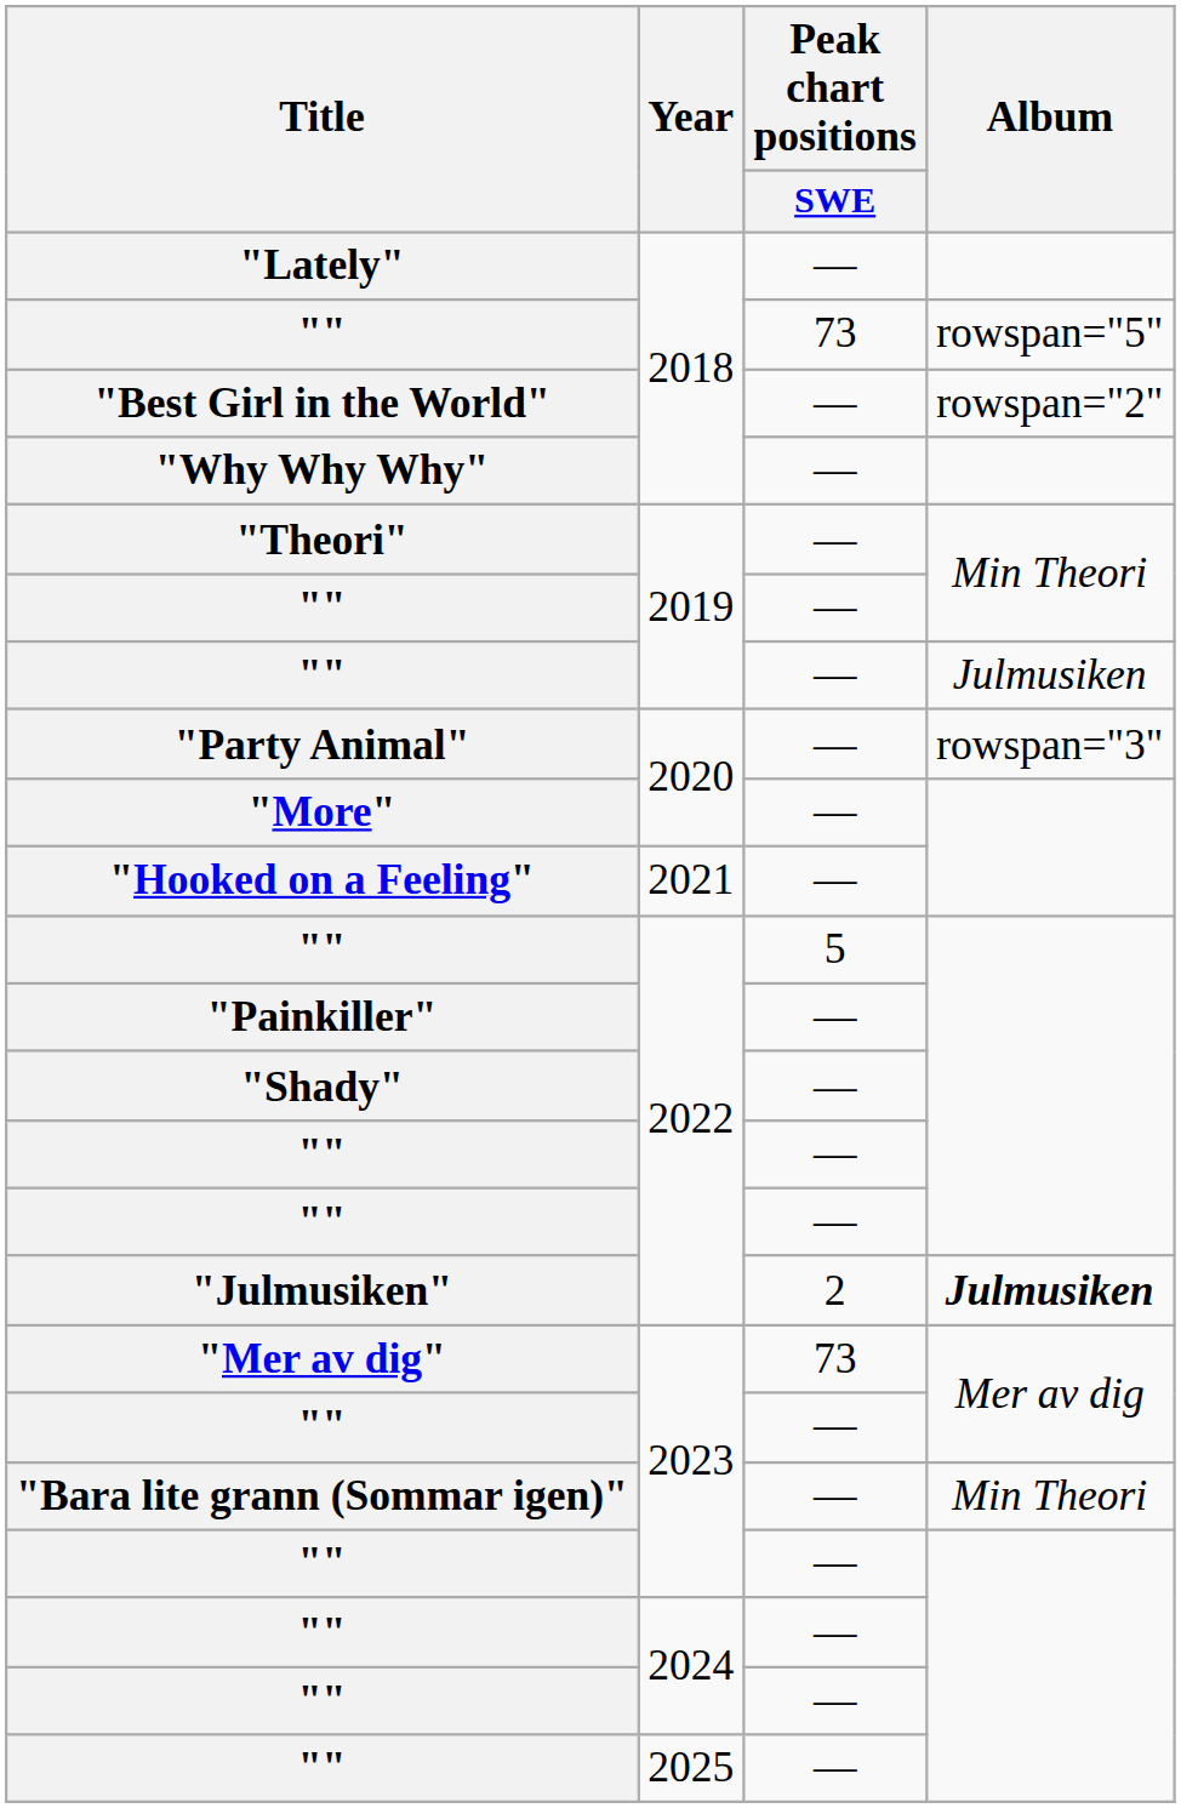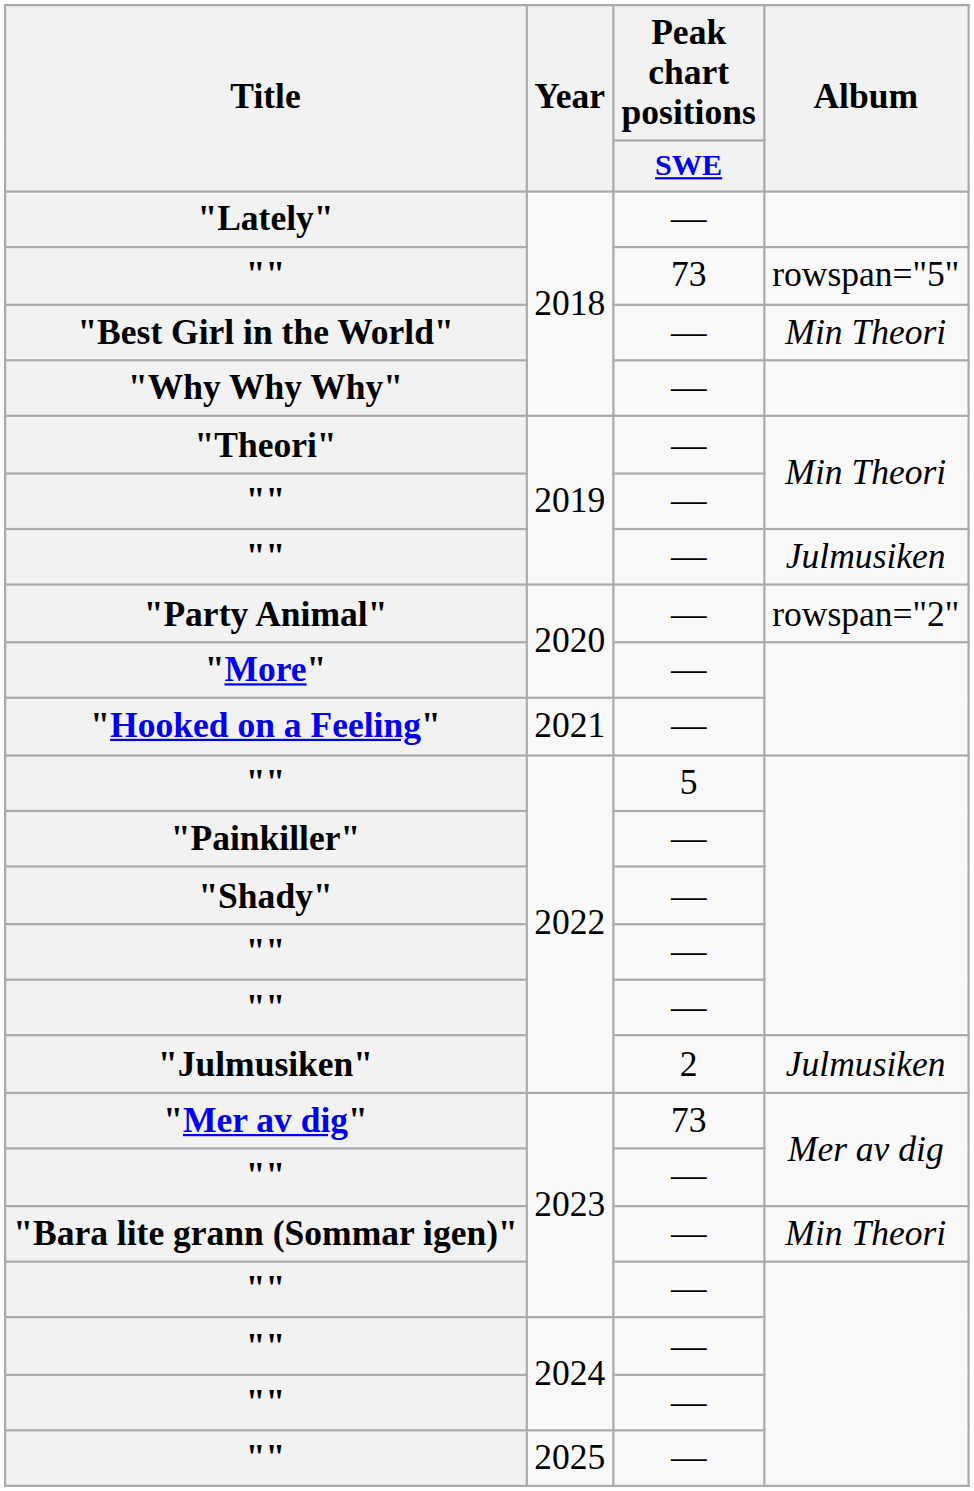 <table class="wikitable plainrowheaders" style="text-align:center;">
 <tr>
 <th scope="col" rowspan="2">Title</th>
 <th scope="col" rowspan="2">Year</th>
 <th scope="col" colspan="1">Peak chart positions</th>
 <th scope="col" rowspan="2">Album</th>
 </tr>
 <tr>
 <th scope="col" style="width:3em;font-size:85%;"><a href='#'>SWE</a><br></th>
 </tr>
 <tr>
 <th scope="row">"Lately"</th>
 <td rowspan="4">2018</td>
 <td>—</td>
 <td></td>
 </tr>
 <tr>
 <th scope="row">""</th>
 <td>73<br></td>
 <td>rowspan="5"</td>
 </tr>
 <tr>
 <th scope="row">"Best Girl in the World"</th>
 <td>—</td>
-<td>rowspan="2"</td>
+<td><em>Min Theori</em></td>
 </tr>
 <tr>
 <th scope="row">"Why Why Why"</th>
 <td>—</td>
 </tr>
 <tr>
 <th scope="row">"Theori"</th>
 <td rowspan="3">2019</td>
 <td>—</td>
 <td rowspan="2"><em>Min Theori</em></td>
 </tr>
 <tr>
 <th scope="row">""</th>
 <td>—</td>
 </tr>
 <tr>
 <th scope="row">""</th>
 <td>—</td>
 <td><em>Julmusiken</em></td>
 </tr>
 <tr>
 <th scope="row">"Party Animal"</th>
 <td rowspan="2">2020</td>
 <td>—</td>
-<td>rowspan="3"</td>
+<td>rowspan="2"</td>
 </tr>
 <tr>
 <th scope="row">"<a href='#'>More</a>"</th>
 <td>—</td>
 </tr>
 <tr>
 <th scope="row">"<a href='#'>Hooked on a Feeling</a>"</th>
 <td>2021</td>
 <td>—</td>
 </tr>
 <tr>
 <th scope="row">""</th>
 <td rowspan="6">2022</td>
 <td>5<br></td>
 <td rowspan="5"></td>
 </tr>
 <tr>
 <th scope="row">"Painkiller"</th>
 <td>—</td>
 </tr>
 <tr>
 <th scope="row">"Shady"</th>
 <td>—</td>
 </tr>
 <tr>
 <th scope="row">""</th>
 <td>—</td>
 </tr>
 <tr>
 <th scope="row">""</th>
 <td>—</td>
 </tr>
 <tr>
 <th scope="row">"Julmusiken"</th>
 <td>2<br></td>
-<td><strong><em>Julmusiken</em></strong></td>
+<td><em>Julmusiken</em></td>
 </tr>
 <tr>
 <th scope="row">"<a href='#'>Mer av dig</a>"</th>
 <td rowspan="4">2023</td>
 <td>73<br></td>
 <td rowspan="2"><em>Mer av dig</em></td>
 </tr>
 <tr>
 <th scope="row">""</th>
 <td>—</td>
 </tr>
 <tr>
 <th scope="row">"Bara lite grann (Sommar igen)"</th>
 <td>—</td>
 <td><em>Min Theori</em></td>
 </tr>
 <tr>
 <th scope="row">""</th>
 <td>—</td>
 </tr>
 <tr>
 <th scope="row">""</th>
 <td rowspan="2">2024</td>
 <td>—</td>
 </tr>
 <tr>
 <th scope="row">""</th>
 <td>—</td>
 </tr>
 <tr>
 <th scope="row">""</th>
 <td>2025</td>
 <td>—</td>
 </tr>
 </table>
